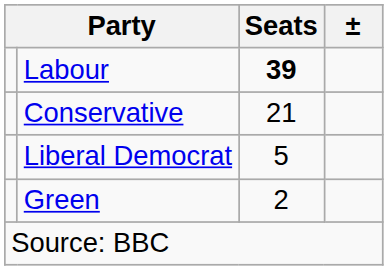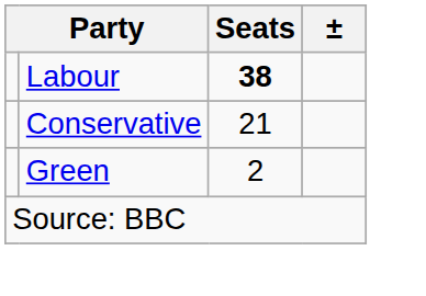 <table class="sortable wikitable">
 <tr>
 <th colspan="2">Party</th>
 <th>Seats</th>
 <th>  ±  </th>
 </tr>
 <tr>
 <td style="color:inherit;background-color: "></td>
 <td><a href='#'>Labour</a></td>
-<td align="center"><strong>39</strong></td>
+<td align="center"><strong>38</strong></td>
 <td align="center"></td>
 </tr>
 <tr>
 <td style="color:inherit;background-color: "></td>
 <td><a href='#'>Conservative</a></td>
 <td align="center">21</td>
-<td align="center"></td>
-</tr>
-<tr>
-<td style="color:inherit;background-color: "></td>
-<td><a href='#'>Liberal Democrat</a></td>
-<td align="center">5</td>
 <td align="center"></td>
 </tr>
 <tr>
 <td style="color:inherit;background-color: "></td>
 <td><a href='#'>Green</a></td>
 <td align="center">2</td>
 <td align="center"></td>
 </tr>
 <tr>
 <td colspan=4>Source: BBC</td>
 </tr>
 </table>
